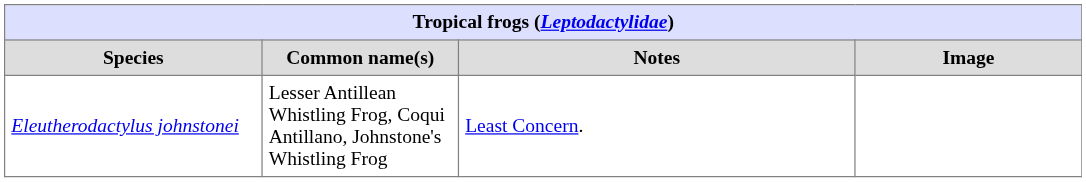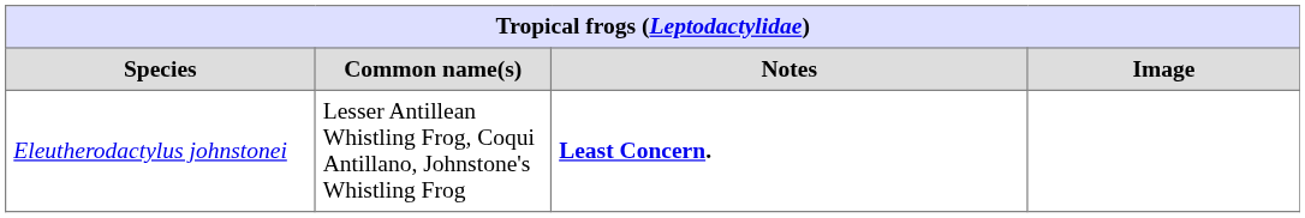 <table border=1 style="border-collapse:collapse;" cellpadding=5 width=100%>
 <tr>
 <th colspan=4 bgcolor=#DDDFFF>Tropical frogs (<em><a href='#'>Leptodactylidae</a></em>)</th>
 </tr>
 <tr bgcolor=#DDDDDD align=center>
 <th width=200px>Species</th>
 <th width=150px>Common name(s)</th>
 <th>Notes</th>
 <th width=175px>Image</th>
 </tr>
 <tr>
 <td><em><a href='#'>Eleutherodactylus johnstonei</a></em></td>
 <td>Lesser Antillean Whistling Frog, Coqui Antillano, Johnstone's Whistling Frog</td>
-<td><a href='#'>Least Concern</a>.</td>
+<td><strong><a href='#'>Least Concern</a>.</strong></td>
 <td></td>
 </tr>
 </table>
